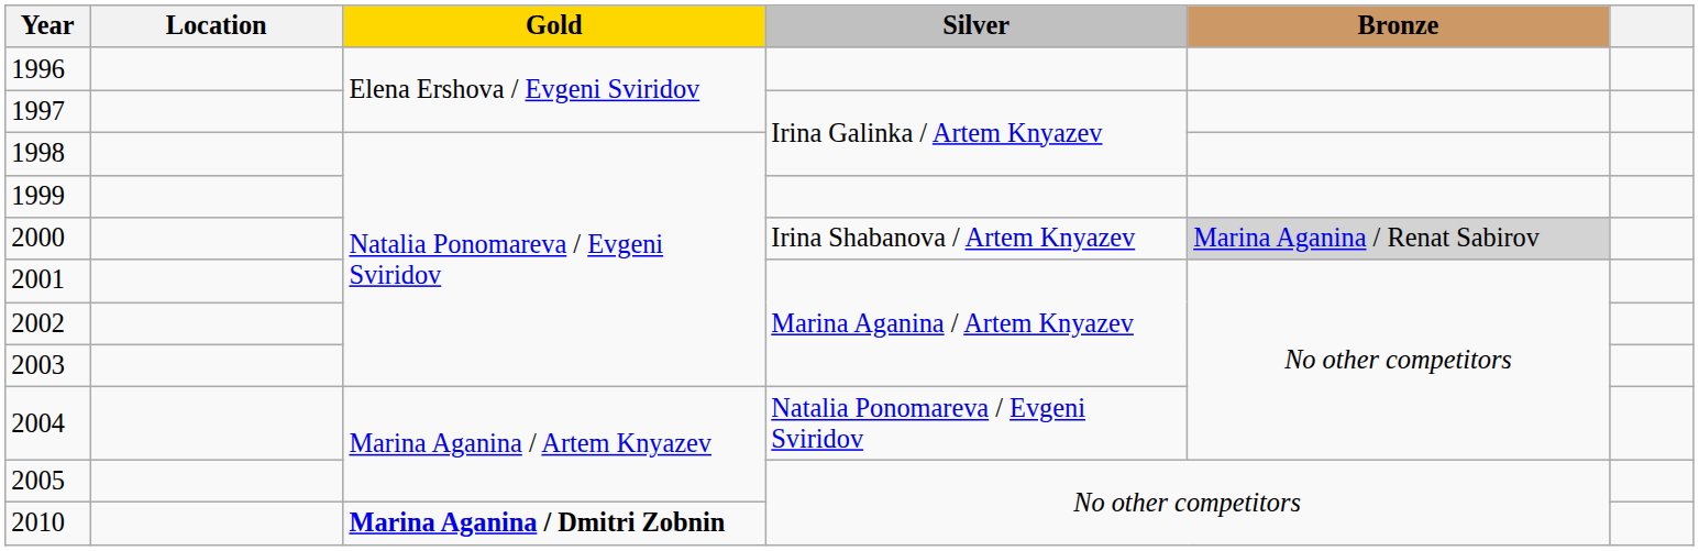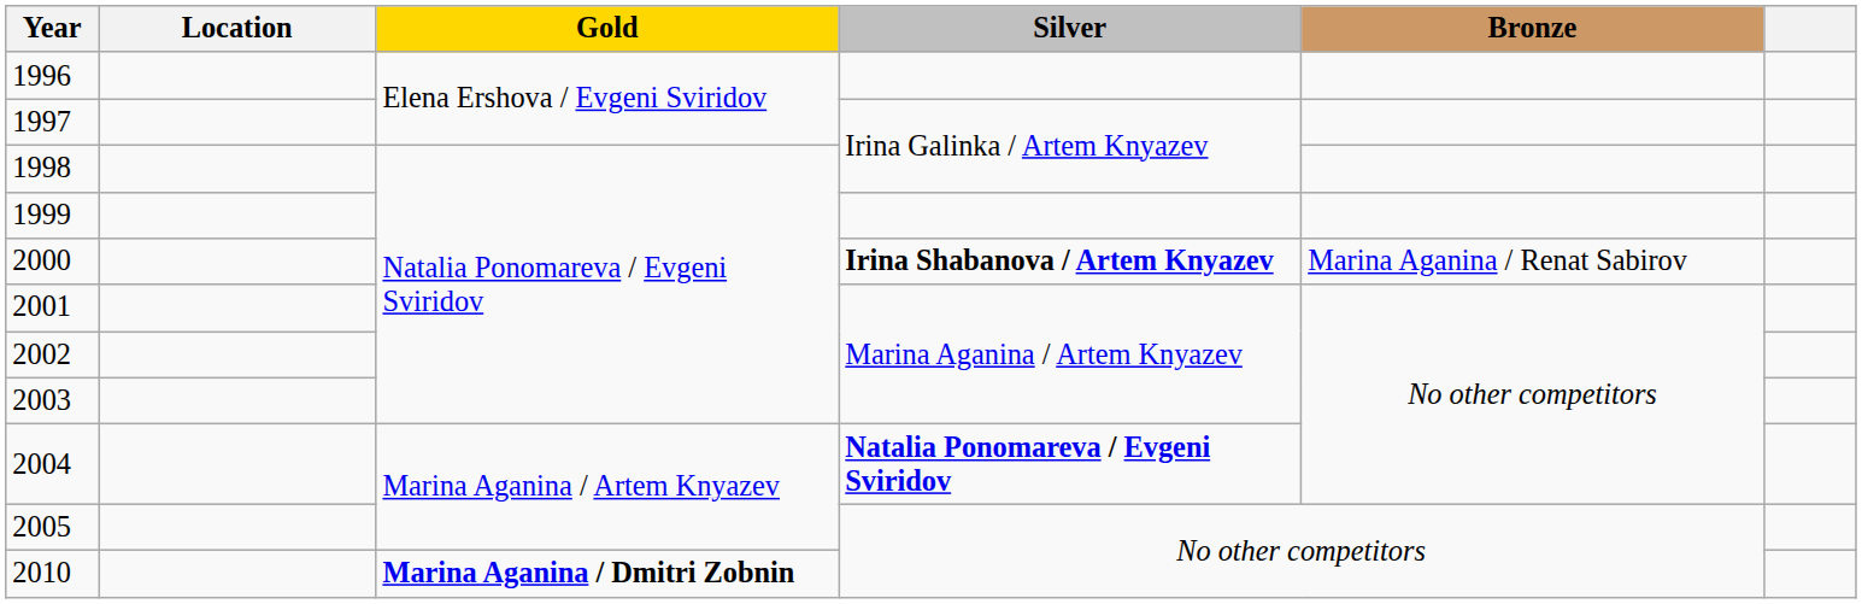 <table class="wikitable unsortable" style="text-align:left; width:80%">
 <tr>
 <th scope="col" style="text-align:center; width:5%">Year</th>
 <th scope="col" style="text-align:center; width:15%">Location</th>
 <td scope="col" style="text-align:center; width:25%; background:gold"><strong>Gold</strong></td>
 <td scope="col" style="text-align:center; width:25%; background:silver"><strong>Silver</strong></td>
 <td scope="col" style="text-align:center; width:25%; background:#c96"><strong>Bronze</strong></td>
 <th scope="col" style="text-align:center; width:5%"></th>
 </tr>
 <tr>
 <td>1996</td>
 <td></td>
 <td rowspan="2">Elena Ershova / <a href='#'>Evgeni Sviridov</a></td>
 <td></td>
 <td></td>
 <td></td>
 </tr>
 <tr>
 <td>1997</td>
 <td></td>
 <td rowspan="2">Irina Galinka / <a href='#'>Artem Knyazev</a></td>
 <td></td>
 <td></td>
 </tr>
 <tr>
 <td>1998</td>
 <td></td>
 <td rowspan="6"><a href='#'>Natalia Ponomareva</a> / <a href='#'>Evgeni Sviridov</a></td>
 <td></td>
 <td></td>
 </tr>
 <tr>
 <td>1999</td>
 <td></td>
 <td></td>
 <td></td>
 <td></td>
 </tr>
 <tr>
 <td>2000</td>
 <td></td>
-<td>Irina Shabanova / <a href='#'>Artem Knyazev</a></td>
-<td style="background: lightgrey;"><a href='#'>Marina Aganina</a> / Renat Sabirov</td>
+<td><strong>Irina Shabanova / <a href='#'>Artem Knyazev</a></strong></td>
+<td><a href='#'>Marina Aganina</a> / Renat Sabirov</td>
 <td></td>
 </tr>
 <tr>
 <td>2001</td>
 <td></td>
 <td rowspan="3"><a href='#'>Marina Aganina</a> / <a href='#'>Artem Knyazev</a></td>
 <td rowspan="4" align="center"><em>No other competitors</em></td>
 <td></td>
 </tr>
 <tr>
 <td>2002</td>
 <td></td>
 <td></td>
 </tr>
 <tr>
 <td>2003</td>
 <td></td>
 <td></td>
 </tr>
 <tr>
 <td>2004</td>
 <td></td>
 <td rowspan="2"><a href='#'>Marina Aganina</a> / <a href='#'>Artem Knyazev</a></td>
-<td><a href='#'>Natalia Ponomareva</a> / <a href='#'>Evgeni Sviridov</a></td>
+<td><strong><a href='#'>Natalia Ponomareva</a> / <a href='#'>Evgeni Sviridov</a></strong></td>
 <td></td>
 </tr>
 <tr>
 <td>2005</td>
 <td></td>
 <td colspan="2" rowspan="2" align="center"><em>No other competitors</em></td>
 <td></td>
 </tr>
 <tr>
 <td>2010</td>
 <td></td>
 <td><strong><a href='#'>Marina Aganina</a> / Dmitri Zobnin</strong></td>
 <td></td>
 </tr>
 </table>
